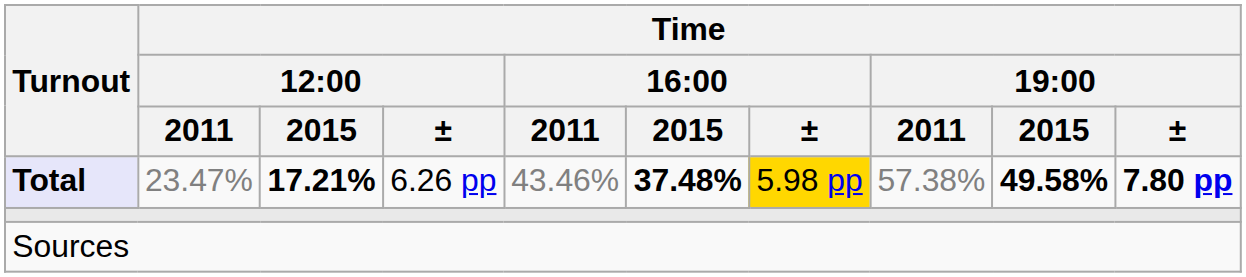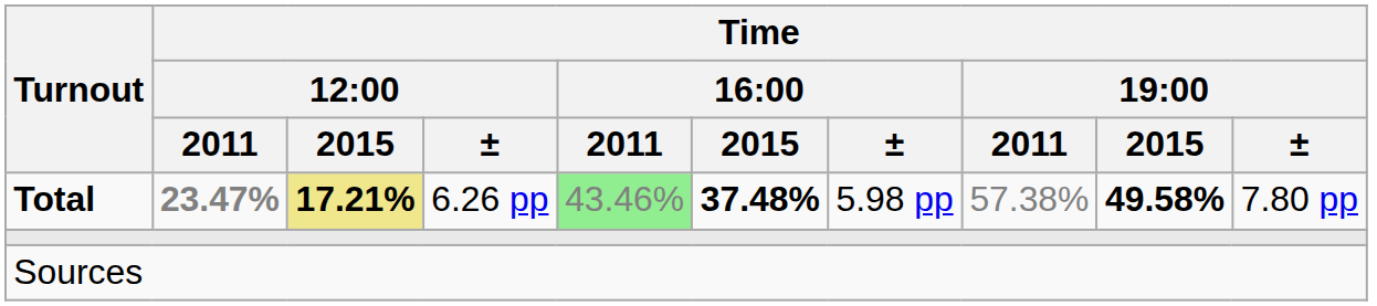 <table class="wikitable sortable" style="text-align:right;">
 <tr>
 <th rowspan="3">Turnout</th>
 <th colspan="9">Time</th>
 </tr>
 <tr>
 <th colspan="3">12:00</th>
 <th colspan="3">16:00</th>
 <th colspan="3">19:00</th>
 </tr>
 <tr>
 <th>2011</th>
 <th>2015</th>
 <th>±</th>
 <th>2011</th>
 <th>2015</th>
 <th>±</th>
 <th>2011</th>
 <th>2015</th>
 <th>±</th>
 </tr>
 <tr>
-<td align="left" style="background: lavender;"><strong>Total</strong></td>
-<td style="color:gray;">23.47%</td>
-<td><strong>17.21%</strong></td>
+<td align="left"><strong>Total</strong></td>
+<td style="color:gray;"><strong>23.47%</strong></td>
+<td style="background: khaki;"><strong>17.21%</strong></td>
 <td> 6.26 <a href='#'>pp</a></td>
-<td style="color:gray;">43.46%</td>
+<td style="background: lightgreen; color:gray;">43.46%</td>
 <td><strong>37.48%</strong></td>
-<td style="background: gold;"> 5.98 <a href='#'>pp</a></td>
+<td> 5.98 <a href='#'>pp</a></td>
 <td style="color:gray;">57.38%</td>
 <td><strong>49.58%</strong></td>
-<td><strong> 7.80 <a href='#'>pp</a></strong></td>
+<td> 7.80 <a href='#'>pp</a></td>
 </tr>
 <tr>
 <td colspan="10" bgcolor="#E9E9E9"></td>
 </tr>
 <tr>
 <td align="left" colspan="10">Sources</td>
 </tr>
 </table>
